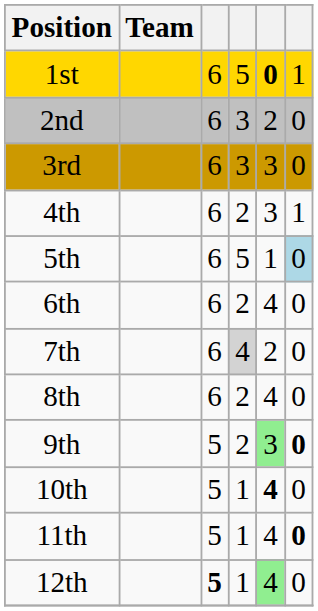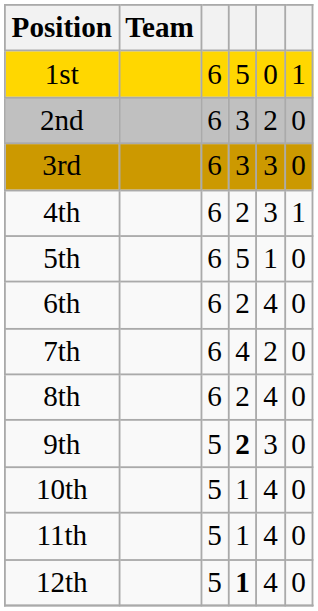 <table class="wikitable" style="text-align: center;">
 <tr>
 <th>Position</th>
 <th>Team</th>
 <th></th>
 <th></th>
 <th></th>
 <th></th>
 </tr>
 <tr bgcolor="gold">
 <td>1st</td>
 <td align=left></td>
 <td>6</td>
 <td>5</td>
-<td><strong>0</strong></td>
+<td>0</td>
 <td>1</td>
 </tr>
 <tr bgcolor="silver">
 <td>2nd</td>
 <td align=left></td>
 <td>6</td>
 <td>3</td>
 <td>2</td>
 <td>0</td>
 </tr>
 <tr bgcolor="cc9900">
 <td>3rd</td>
 <td align=left></td>
 <td>6</td>
 <td>3</td>
 <td>3</td>
 <td>0</td>
 </tr>
 <tr>
 <td>4th</td>
 <td align=left></td>
 <td>6</td>
 <td>2</td>
 <td>3</td>
 <td>1</td>
 </tr>
 <tr>
 <td>5th</td>
 <td align=left></td>
 <td>6</td>
 <td>5</td>
 <td>1</td>
-<td style="background: lightblue;">0</td>
+<td>0</td>
 </tr>
 <tr>
 <td>6th</td>
 <td align=left></td>
 <td>6</td>
 <td>2</td>
 <td>4</td>
 <td>0</td>
 </tr>
 <tr>
 <td>7th</td>
 <td align=left></td>
 <td>6</td>
-<td style="background: lightgrey;">4</td>
+<td>4</td>
 <td>2</td>
 <td>0</td>
 </tr>
 <tr>
 <td>8th</td>
 <td align=left></td>
 <td>6</td>
 <td>2</td>
 <td>4</td>
 <td>0</td>
 </tr>
 <tr>
 <td>9th</td>
 <td align=left></td>
 <td>5</td>
-<td>2</td>
-<td style="background: lightgreen;">3</td>
-<td><strong>0</strong></td>
+<td><strong>2</strong></td>
+<td>3</td>
+<td>0</td>
 </tr>
 <tr>
 <td>10th</td>
 <td align=left></td>
 <td>5</td>
 <td>1</td>
-<td><strong>4</strong></td>
+<td>4</td>
 <td>0</td>
 </tr>
 <tr>
 <td>11th</td>
 <td align=left></td>
 <td>5</td>
 <td>1</td>
 <td>4</td>
-<td><strong>0</strong></td>
+<td>0</td>
 </tr>
 <tr>
 <td>12th</td>
 <td align=left></td>
-<td><strong>5</strong></td>
-<td>1</td>
-<td style="background: lightgreen;">4</td>
+<td>5</td>
+<td><strong>1</strong></td>
+<td>4</td>
 <td>0</td>
 </tr>
 <tr>
 </tr>
 </table>
